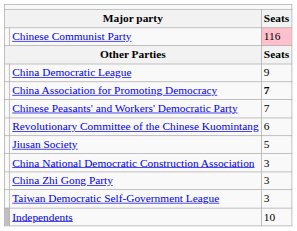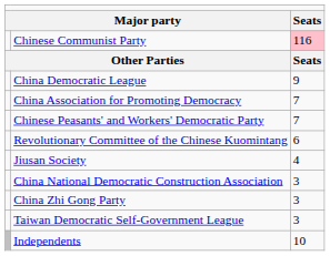 <table class="wikitable">
 <tr>
 <td colspan=6></td>
 </tr>
 <tr>
 <th colspan="2">Major party</th>
 <th>Seats</th>
 </tr>
 <tr>
 <td style="background: "></td>
 <td><a href='#'>Chinese Communist Party</a></td>
 <td style="background: pink;">116</td>
 </tr>
 <tr>
 <th colspan="2">Other Parties</th>
 <th>Seats</th>
 </tr>
 <tr>
 <td style="background: "></td>
 <td><a href='#'>China Democratic League</a></td>
 <td>9</td>
 </tr>
 <tr>
 <td style="background: "></td>
 <td><a href='#'>China Association for Promoting Democracy</a></td>
-<td><strong>7</strong></td>
+<td>7</td>
 </tr>
 <tr>
 <td style="background: "></td>
 <td><a href='#'>Chinese Peasants' and Workers' Democratic Party</a></td>
 <td>7</td>
 </tr>
 <tr>
 <td style="background: "></td>
 <td><a href='#'>Revolutionary Committee of the Chinese Kuomintang</a></td>
 <td>6</td>
 </tr>
 <tr>
 <td style="background: "></td>
 <td><a href='#'>Jiusan Society</a></td>
-<td>5</td>
+<td>4</td>
 </tr>
 <tr>
 <td style="background: "></td>
 <td><a href='#'>China National Democratic Construction Association</a></td>
 <td>3</td>
 </tr>
 <tr>
 <td style="background: "></td>
 <td><a href='#'>China Zhi Gong Party</a></td>
 <td>3</td>
 </tr>
 <tr>
 <td style="background: "></td>
 <td><a href='#'>Taiwan Democratic Self-Government League</a></td>
 <td>3</td>
 </tr>
 <tr>
 <td style="background: #C0C0C0"></td>
 <td><a href='#'>Independents</a></td>
 <td>10</td>
 </tr>
 </table>
